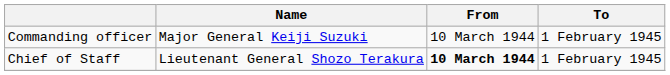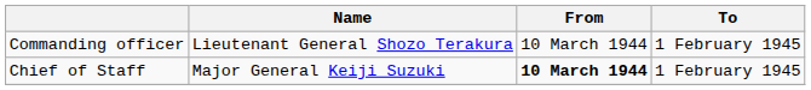 <table class=wikitable>
 <tr>
 <th></th>
 <th>Name</th>
 <th>From</th>
 <th>To</th>
 </tr>
 <tr>
 <td>Commanding officer</td>
-<td>Major General <a href='#'>Keiji Suzuki</a></td>
+<td>Lieutenant General <a href='#'>Shozo Terakura</a></td>
 <td>10 March 1944</td>
 <td>1 February 1945</td>
 </tr>
 <tr>
 <td>Chief of Staff</td>
-<td>Lieutenant General <a href='#'>Shozo Terakura</a></td>
+<td>Major General <a href='#'>Keiji Suzuki</a></td>
 <td><strong>10 March 1944</strong></td>
 <td>1 February 1945</td>
 </tr>
 <tr>
 </tr>
 </table>
